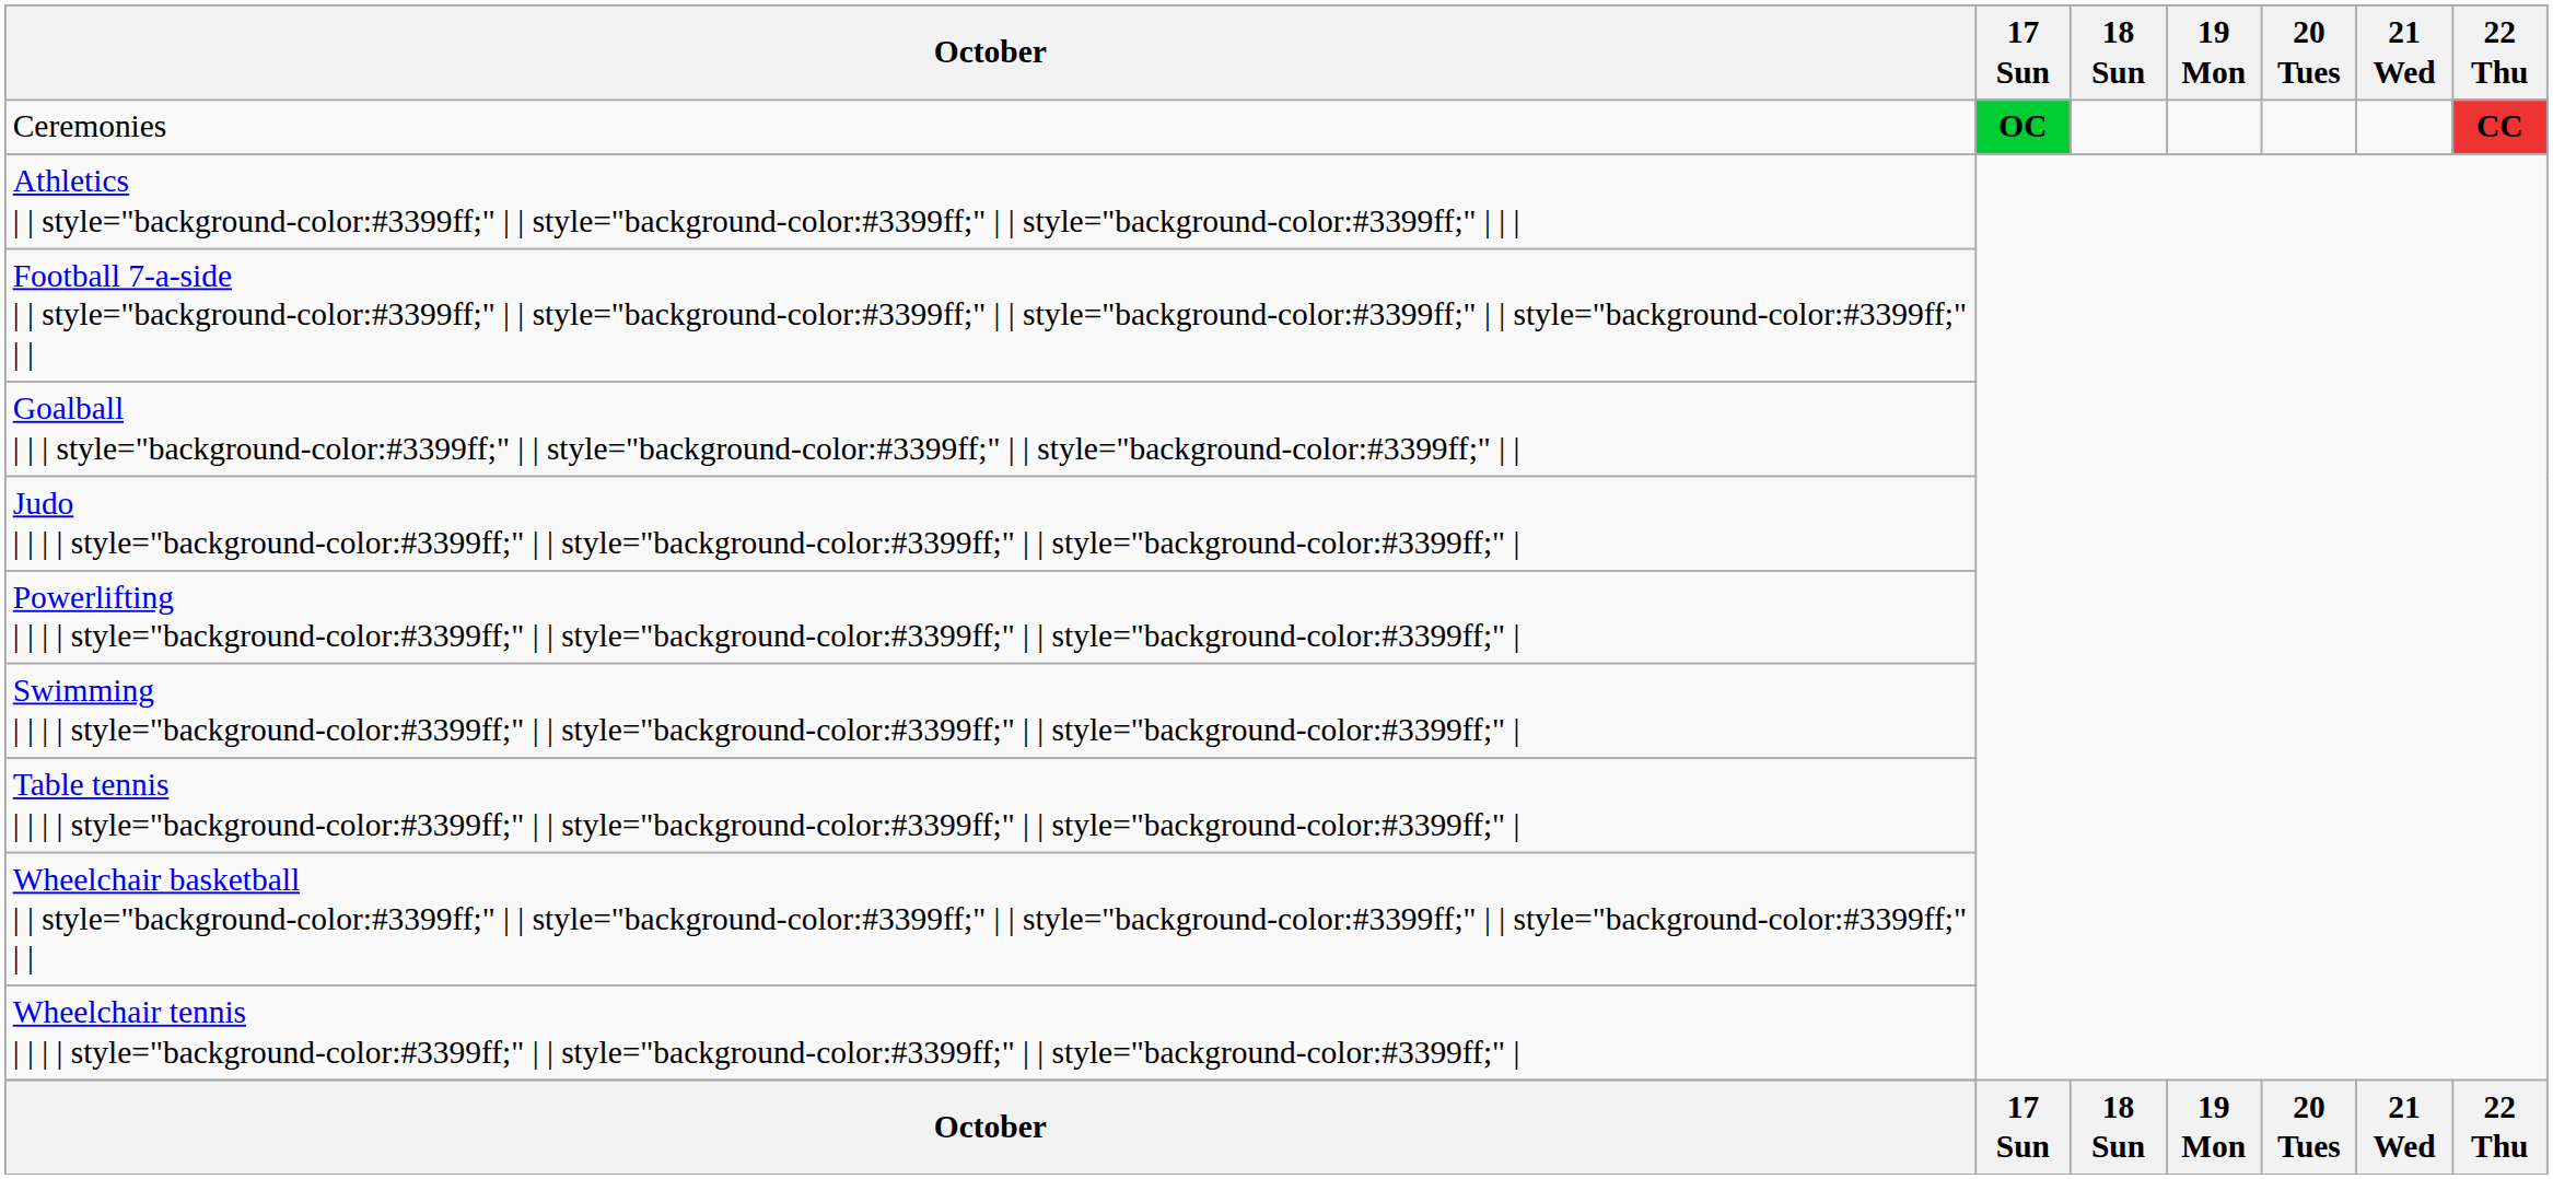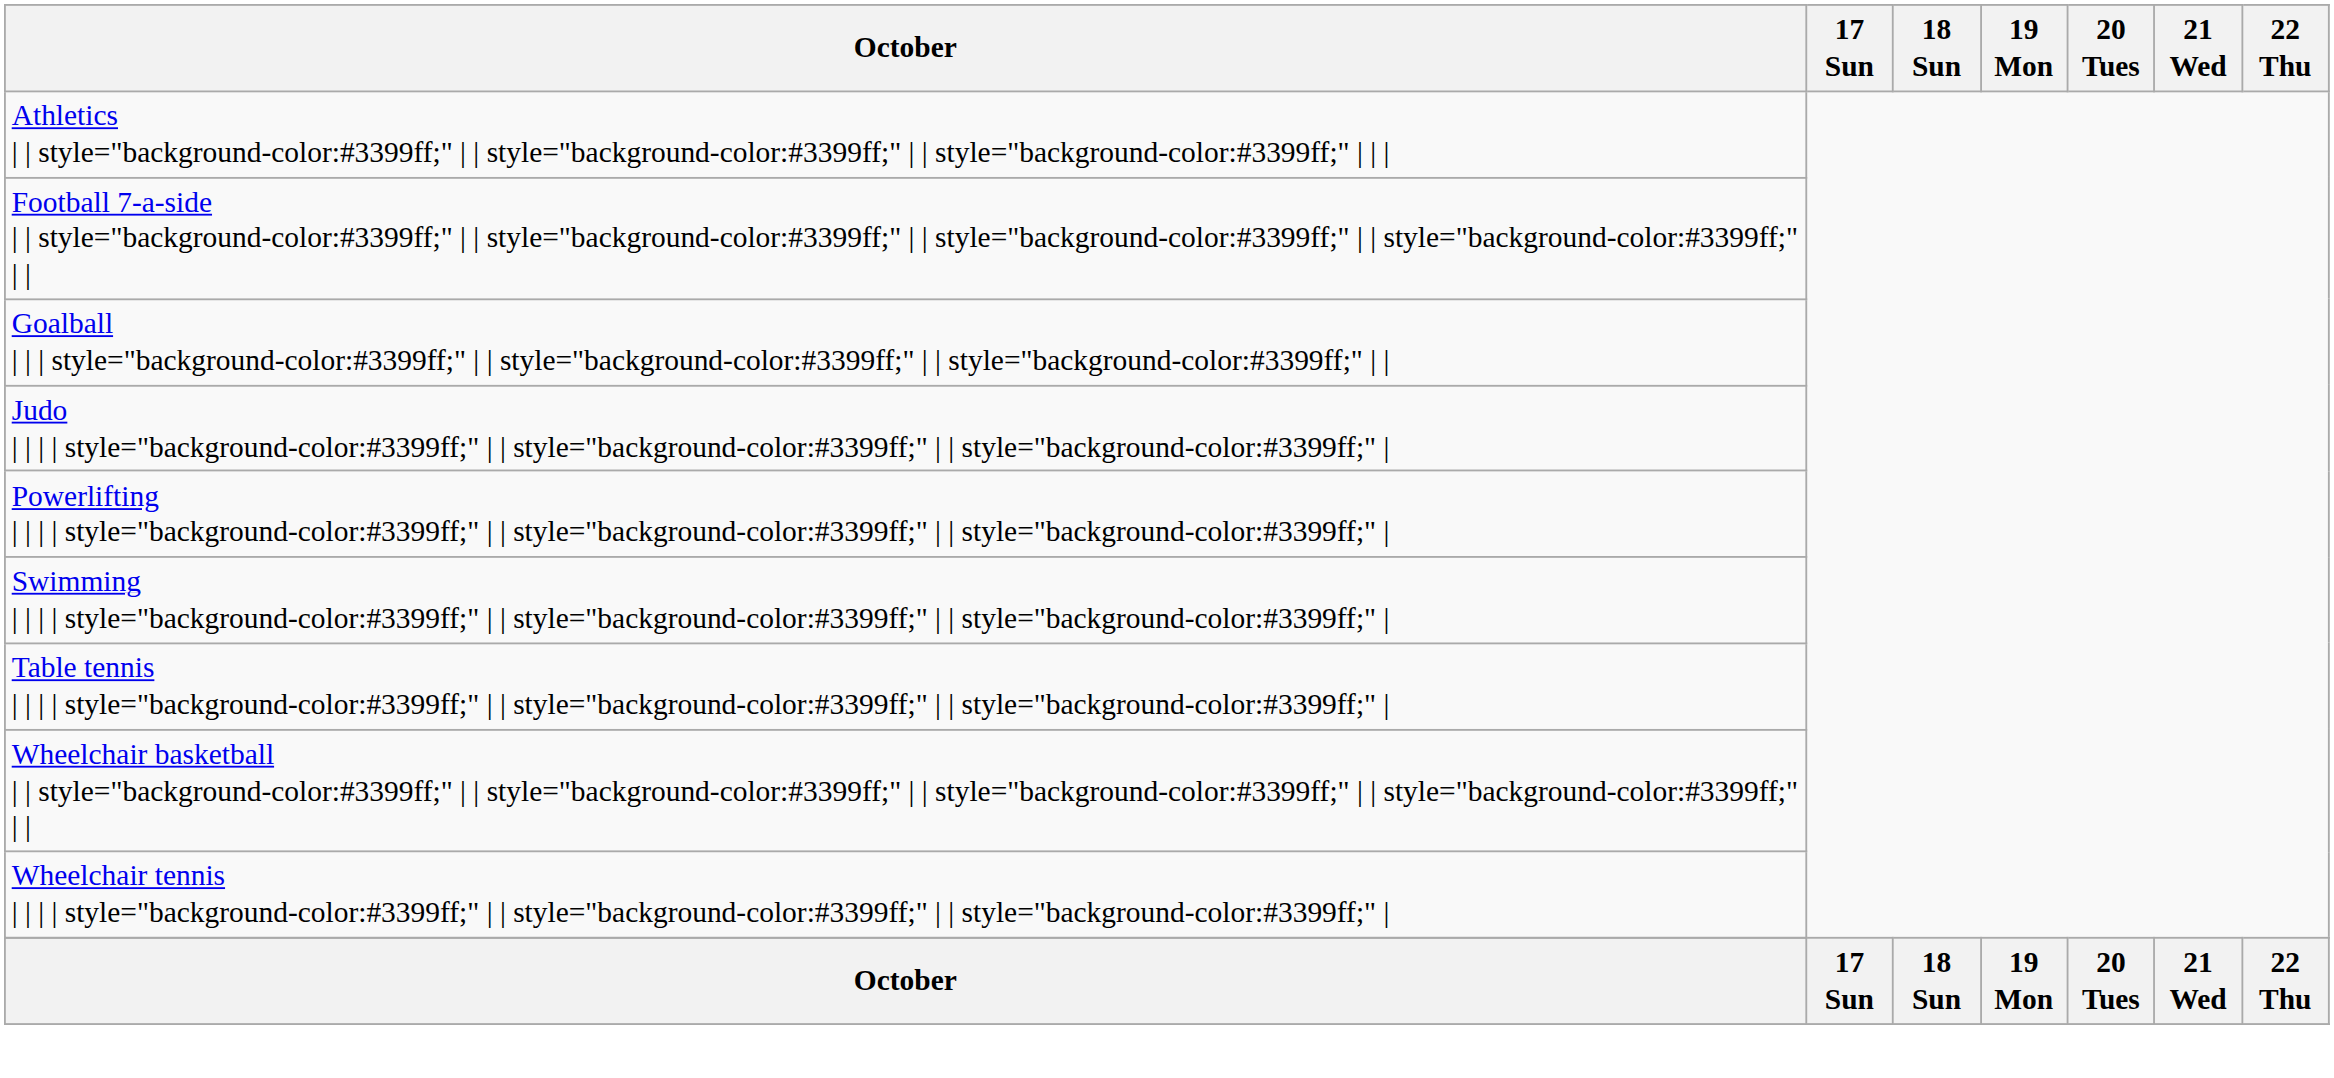 <table class="wikitable" style="margin:0.5em auto; line-height:1.23em;">
 <tr>
 <th>October</th>
 <th style="width:2.5em">17<br>Sun</th>
 <th style="width:2.5em">18<br>Sun</th>
 <th style="width:2.5em">19<br>Mon</th>
 <th style="width:2.5em">20<br>Tues</th>
 <th style="width:2.5em">21<br>Wed</th>
 <th style="width:2.5em">22<br>Thu</th>
-</tr>
-<tr>
-<td> Ceremonies</td>
-<td style="background:#0c3; text-align:center;"><strong>OC</strong></td>
-<td></td>
-<td></td>
-<td></td>
-<td></td>
-<td style="background:#e33; text-align:center;"><strong>CC</strong></td>
 </tr>
 <tr style="text-align:center;">
 <td style="text-align:left;"> <a href='#'>Athletics</a><br>|  | style="background-color:#3399ff;" | | style="background-color:#3399ff;" | | style="background-color:#3399ff;" | |  |</td>
 </tr>
 <tr style="text-align:center;">
 <td style="text-align:left;"> <a href='#'>Football 7-a-side</a><br>|  | style="background-color:#3399ff;" | | style="background-color:#3399ff;" | | style="background-color:#3399ff;" | | style="background-color:#3399ff;" | |</td>
 </tr>
 <tr style="text-align:center;">
 <td style="text-align:left;"> <a href='#'>Goalball</a><br>|  |  | style="background-color:#3399ff;" | | style="background-color:#3399ff;" | | style="background-color:#3399ff;" | |</td>
 </tr>
 <tr style="text-align:center;">
 <td style="text-align:left;"> <a href='#'>Judo</a><br>|  |  |  | style="background-color:#3399ff;" | | style="background-color:#3399ff;" | | style="background-color:#3399ff;" |</td>
 </tr>
 <tr style="text-align:center;">
 <td style="text-align:left;"> <a href='#'>Powerlifting</a><br>|  |  |  | style="background-color:#3399ff;" | | style="background-color:#3399ff;" | | style="background-color:#3399ff;" |</td>
 </tr>
 <tr style="text-align:center;">
 <td style="text-align:left;"> <a href='#'>Swimming</a><br>|  |  |  | style="background-color:#3399ff;" | | style="background-color:#3399ff;" | | style="background-color:#3399ff;" |</td>
 </tr>
 <tr style="text-align:center;">
 <td style="text-align:left;"> <a href='#'>Table tennis</a><br>|  |  |  | style="background-color:#3399ff;" | | style="background-color:#3399ff;" | | style="background-color:#3399ff;" |</td>
 </tr>
 <tr style="text-align:center;">
 <td style="text-align:left;"> <a href='#'>Wheelchair basketball</a><br>|  | style="background-color:#3399ff;" | | style="background-color:#3399ff;" | | style="background-color:#3399ff;" | | style="background-color:#3399ff;" | |</td>
 </tr>
 <tr style="text-align:center;">
 <td style="text-align:left;"> <a href='#'>Wheelchair tennis</a><br>|  |  |  | style="background-color:#3399ff;" | | style="background-color:#3399ff;" | | style="background-color:#3399ff;" |</td>
 </tr>
 <tr>
 </tr>
 <tr>
 <th>October</th>
 <th style="width:2.5em">17<br>Sun</th>
 <th style="width:2.5em">18<br>Sun</th>
 <th style="width:2.5em">19<br>Mon</th>
 <th style="width:2.5em">20<br>Tues</th>
 <th style="width:2.5em">21<br>Wed</th>
 <th style="width:2.5em">22<br>Thu</th>
 </tr>
 <tr>
 </tr>
 </table>
